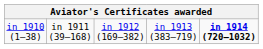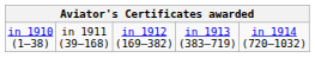 <table class="wikitable">
 <tr>
 <th colspan=5>Aviator's Certificates awarded</th>
 </tr>
 <tr align="center">
 <td align="center"><a href='#'>in 1910</a><br>(1–38)</td>
 <td align="center">in 1911<br>(39–168)</td>
 <td align="center"><a href='#'>in 1912</a><br>(169–382)</td>
 <td align="center"><a href='#'>in 1913</a><br>(383–719)</td>
-<td align="center"><strong><a href='#'>in 1914</a><br>(720–1032)</strong></td>
+<td align="center"><a href='#'>in 1914</a><br>(720–1032)</td>
 </tr>
 </table>
